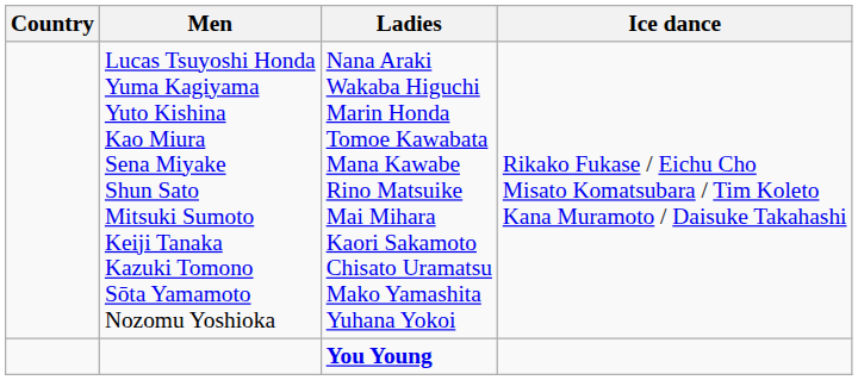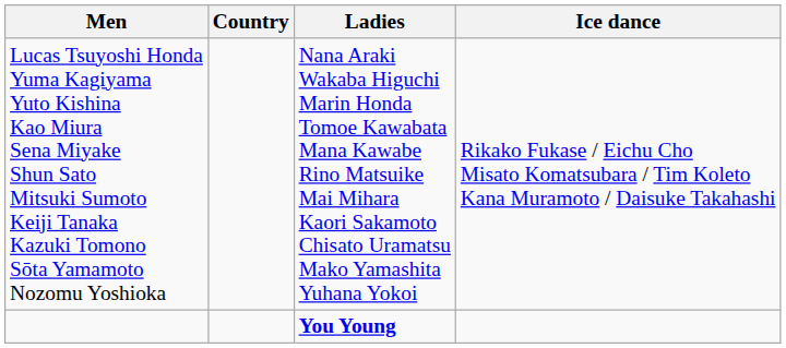 <table class="wikitable">
 <tr>
+<th>Men</th>
 <th>Country</th>
-<th>Men</th>
 <th>Ladies</th>
 <th>Ice dance</th>
 </tr>
 <tr>
+<td><a href='#'>Lucas Tsuyoshi Honda</a><br><a href='#'>Yuma Kagiyama</a><br><a href='#'>Yuto Kishina</a><br><a href='#'>Kao Miura</a><br><a href='#'>Sena Miyake</a><br><a href='#'>Shun Sato</a><br><a href='#'>Mitsuki Sumoto</a><br><a href='#'>Keiji Tanaka</a><br><a href='#'>Kazuki Tomono</a><br><a href='#'>Sōta Yamamoto</a><br>Nozomu Yoshioka</td>
 <td></td>
-<td><a href='#'>Lucas Tsuyoshi Honda</a><br><a href='#'>Yuma Kagiyama</a><br><a href='#'>Yuto Kishina</a><br><a href='#'>Kao Miura</a><br><a href='#'>Sena Miyake</a><br><a href='#'>Shun Sato</a><br><a href='#'>Mitsuki Sumoto</a><br><a href='#'>Keiji Tanaka</a><br><a href='#'>Kazuki Tomono</a><br><a href='#'>Sōta Yamamoto</a><br>Nozomu Yoshioka</td>
 <td><a href='#'>Nana Araki</a><br><a href='#'>Wakaba Higuchi</a><br><a href='#'>Marin Honda</a><br><a href='#'>Tomoe Kawabata</a><br><a href='#'>Mana Kawabe</a><br><a href='#'>Rino Matsuike</a><br><a href='#'>Mai Mihara</a><br><a href='#'>Kaori Sakamoto</a><br><a href='#'>Chisato Uramatsu</a><br><a href='#'>Mako Yamashita</a><br><a href='#'>Yuhana Yokoi</a></td>
 <td><a href='#'>Rikako Fukase</a> / <a href='#'>Eichu Cho</a><br><a href='#'>Misato Komatsubara</a> / <a href='#'>Tim Koleto</a><br><a href='#'>Kana Muramoto</a> / <a href='#'>Daisuke Takahashi</a></td>
 </tr>
 <tr>
 <td></td>
 <td></td>
 <td><strong><a href='#'>You Young</a></strong></td>
 <td></td>
 </tr>
 </table>
